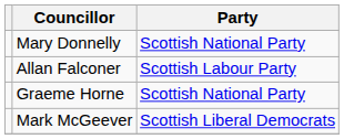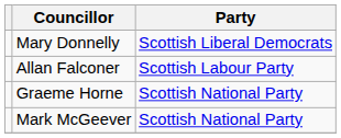 <table class="wikitable">
 <tr>
 <th></th>
 <th>Councillor</th>
 <th>Party</th>
 </tr>
 <tr>
 <td rowspan="1" style="background-color: "></td>
 <td>Mary Donnelly</td>
-<td><a href='#'>Scottish National Party</a></td>
+<td><a href='#'>Scottish Liberal Democrats</a></td>
 </tr>
 <tr>
 <td rowspan="1" style="background-color: "></td>
 <td>Allan Falconer</td>
 <td><a href='#'>Scottish Labour Party</a></td>
 </tr>
 <tr>
 <td rowspan="1" style="background-color: "></td>
 <td>Graeme Horne</td>
 <td><a href='#'>Scottish National Party</a></td>
 </tr>
 <tr>
 <td rowspan="1" style="background-color: "></td>
 <td>Mark McGeever</td>
-<td><a href='#'>Scottish Liberal Democrats</a></td>
+<td><a href='#'>Scottish National Party</a></td>
 </tr>
 <tr>
 </tr>
 </table>
